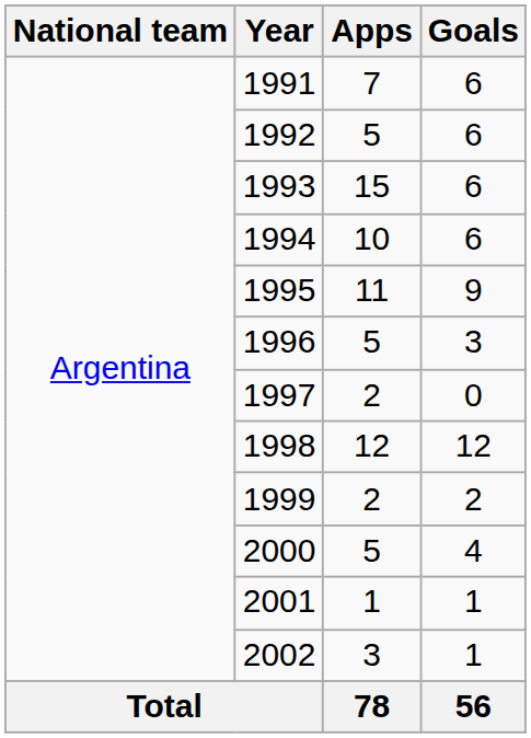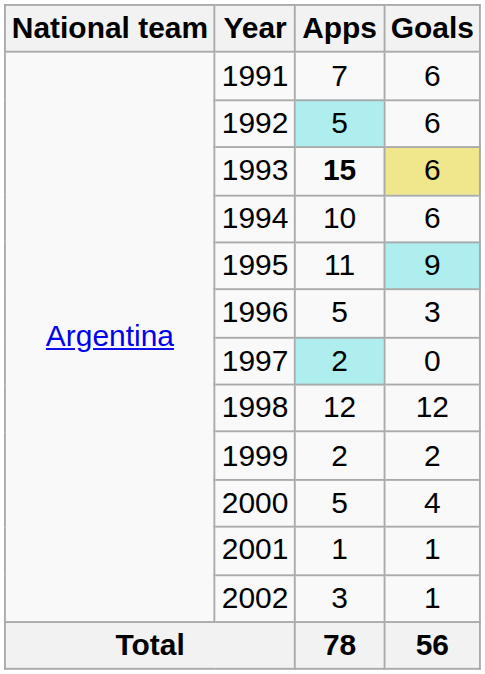 <table class="wikitable" style="text-align:center">
 <tr>
 <th>National team</th>
 <th>Year</th>
 <th>Apps</th>
 <th>Goals</th>
 </tr>
 <tr>
 <td rowspan="12"><a href='#'>Argentina</a></td>
 <td>1991</td>
 <td>7</td>
 <td>6</td>
 </tr>
 <tr>
 <td>1992</td>
-<td>5</td>
+<td style="background: paleturquoise;">5</td>
 <td>6</td>
 </tr>
 <tr>
 <td>1993</td>
-<td>15</td>
-<td>6</td>
+<td><strong>15</strong></td>
+<td style="background: khaki;">6</td>
 </tr>
 <tr>
 <td>1994</td>
 <td>10</td>
 <td>6</td>
 </tr>
 <tr>
 <td>1995</td>
 <td>11</td>
-<td>9</td>
+<td style="background: paleturquoise;">9</td>
 </tr>
 <tr>
 <td>1996</td>
 <td>5</td>
 <td>3</td>
 </tr>
 <tr>
 <td>1997</td>
-<td>2</td>
+<td style="background: paleturquoise;">2</td>
 <td>0</td>
 </tr>
 <tr>
 <td>1998</td>
 <td>12</td>
 <td>12</td>
 </tr>
 <tr>
 <td>1999</td>
 <td>2</td>
 <td>2</td>
 </tr>
 <tr>
 <td>2000</td>
 <td>5</td>
 <td>4</td>
 </tr>
 <tr>
 <td>2001</td>
 <td>1</td>
 <td>1</td>
 </tr>
 <tr>
 <td>2002</td>
 <td>3</td>
 <td>1</td>
 </tr>
 <tr>
 <th colspan="2">Total</th>
 <th>78</th>
 <th>56</th>
 </tr>
 </table>
